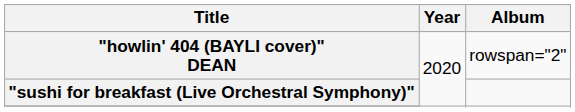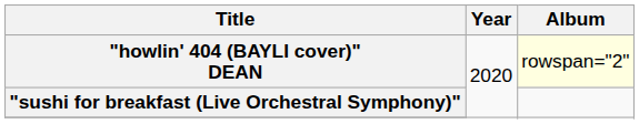 <table class="wikitable plainrowheaders">
 <tr>
 <th>Title</th>
 <th>Year</th>
 <th>Album</th>
 </tr>
 <tr>
 <th scope="row">"howlin' 404 (BAYLI cover)" <br><span>DEAN</span></th>
 <td align = "center" rowspan="3">2020</td>
-<td>rowspan="2" </td>
+<td style="background: lightyellow;">rowspan="2" </td>
 </tr>
 <tr>
 <th scope="row">"sushi for breakfast (Live Orchestral Symphony)"</th>
 </tr>
 <tr>
 </tr>
 </table>
